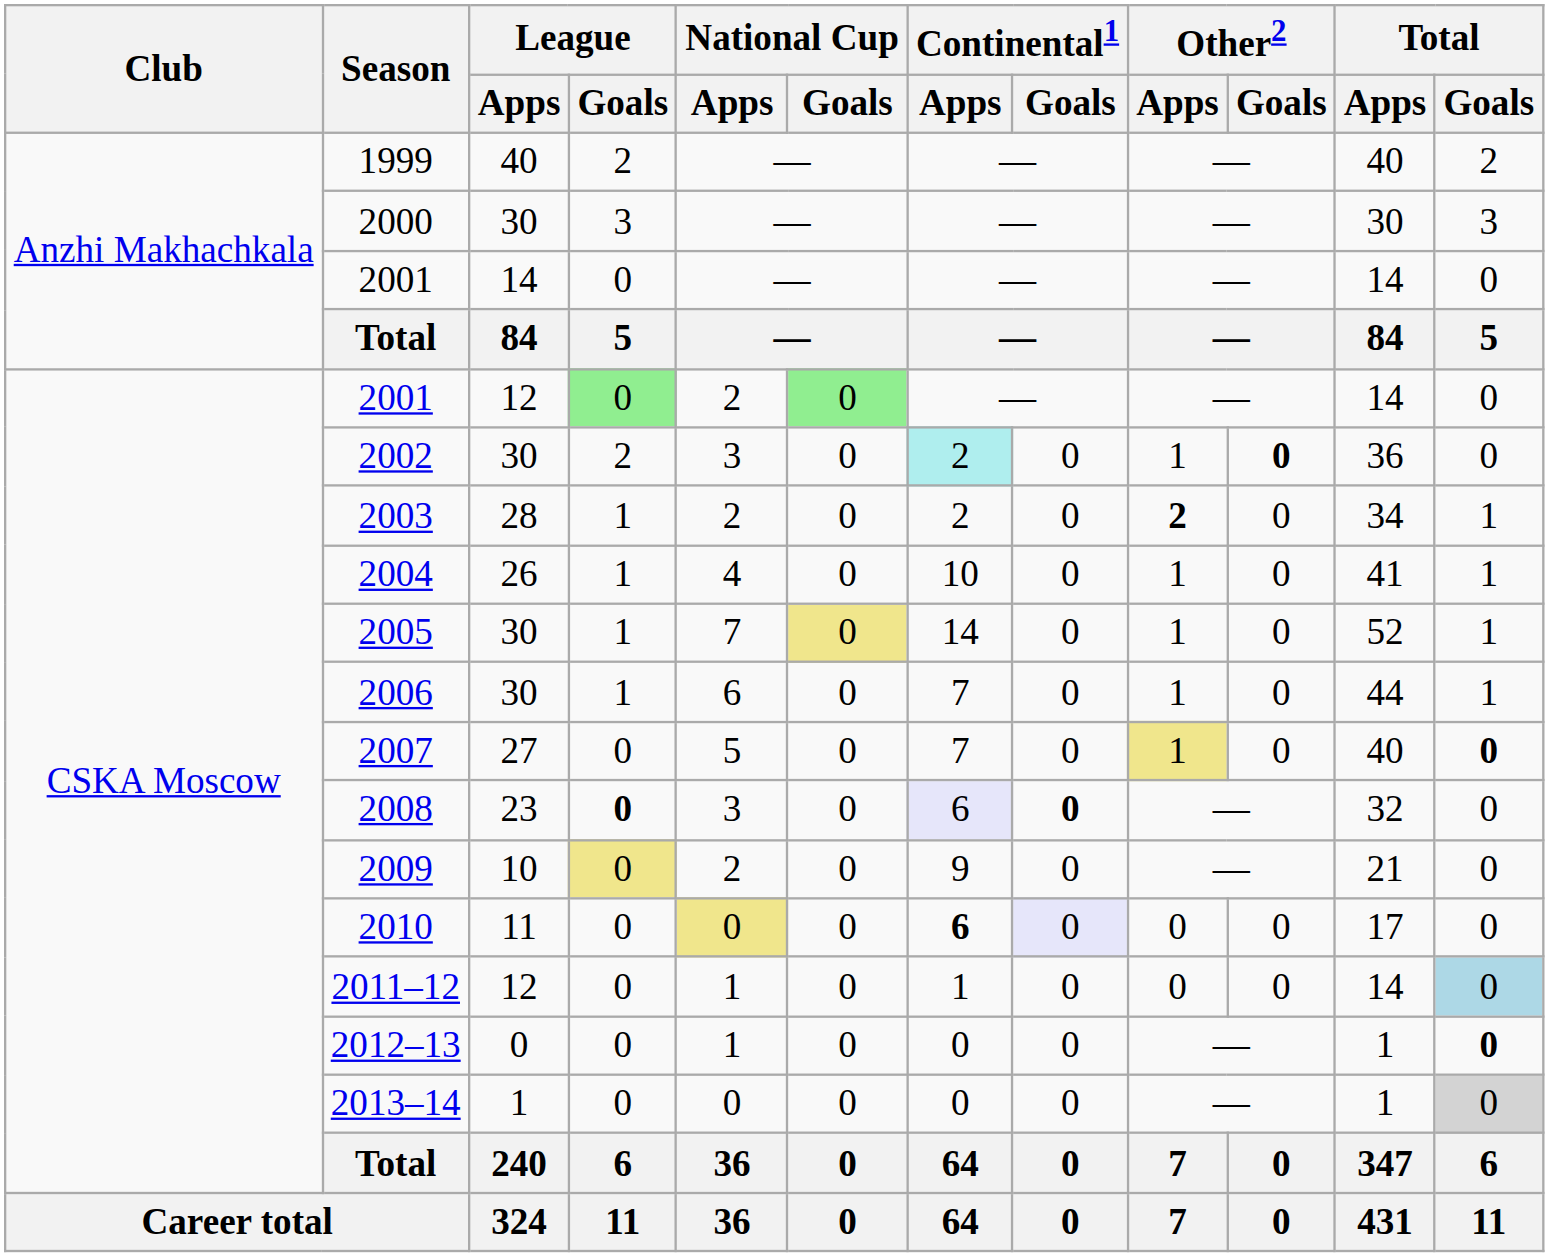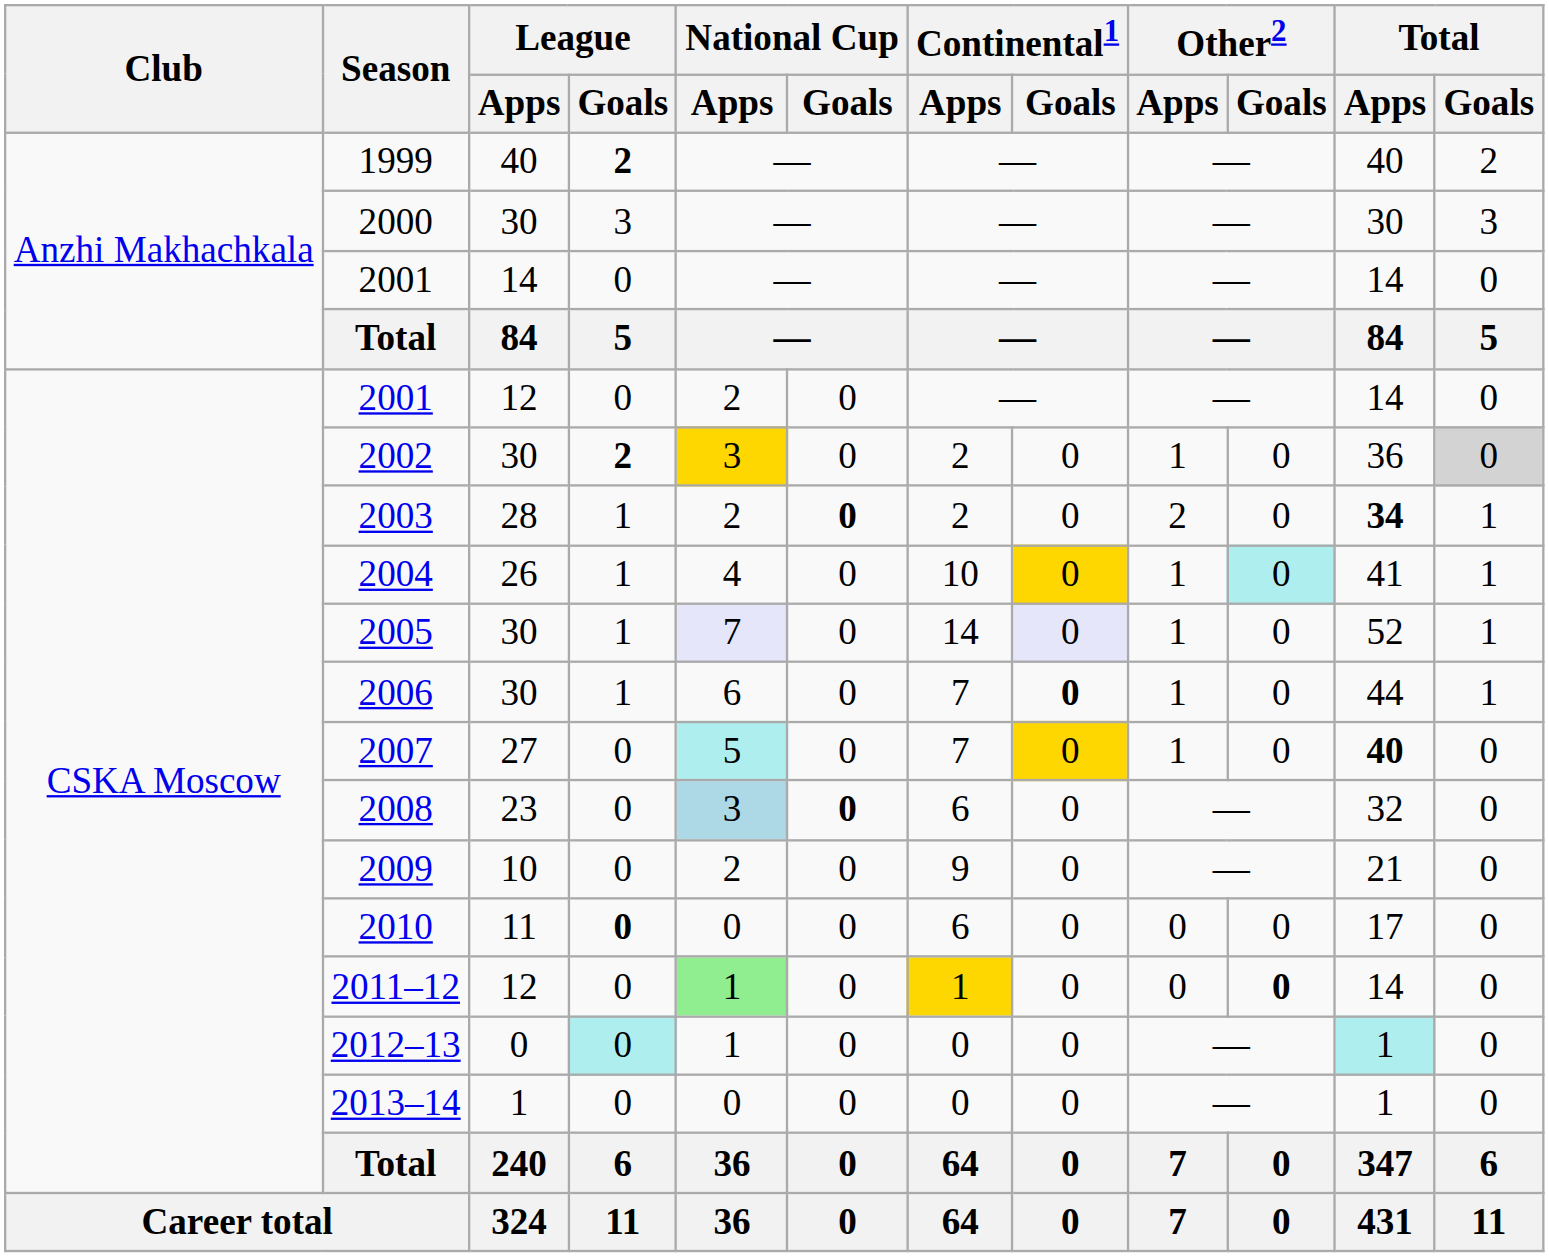 <table class="wikitable" style="text-align:center">
 <tr>
 <th rowspan="2">Club</th>
 <th rowspan="2">Season</th>
 <th colspan="2">League</th>
 <th colspan="2">National Cup</th>
 <th colspan="2">Continental<sup><a href='#'>1</a></sup></th>
 <th colspan="2">Other<sup><a href='#'>2</a></sup></th>
 <th colspan="2">Total</th>
 </tr>
 <tr>
 <th>Apps</th>
 <th>Goals</th>
 <th>Apps</th>
 <th>Goals</th>
 <th>Apps</th>
 <th>Goals</th>
 <th>Apps</th>
 <th>Goals</th>
 <th>Apps</th>
 <th>Goals</th>
 </tr>
 <tr>
 <td rowspan="4"><a href='#'>Anzhi Makhachkala</a></td>
 <td>1999</td>
 <td>40</td>
-<td>2</td>
+<td><strong>2</strong></td>
 <td colspan="2">—</td>
 <td colspan="2">—</td>
 <td colspan="2">—</td>
 <td>40</td>
 <td>2</td>
 </tr>
 <tr>
 <td>2000</td>
 <td>30</td>
 <td>3</td>
 <td colspan="2">—</td>
 <td colspan="2">—</td>
 <td colspan="2">—</td>
 <td>30</td>
 <td>3</td>
 </tr>
 <tr>
 <td>2001</td>
 <td>14</td>
 <td>0</td>
 <td colspan="2">—</td>
 <td colspan="2">—</td>
 <td colspan="2">—</td>
 <td>14</td>
 <td>0</td>
 </tr>
 <tr>
 <th colspan="1">Total</th>
 <th>84</th>
 <th>5</th>
 <th colspan="2">—</th>
 <th colspan="2">—</th>
 <th colspan="2">—</th>
 <th>84</th>
 <th>5</th>
 </tr>
 <tr>
 <td rowspan="14"><a href='#'>CSKA Moscow</a></td>
 <td><a href='#'>2001</a></td>
 <td>12</td>
-<td style="background: lightgreen;">0</td>
+<td>0</td>
 <td>2</td>
-<td style="background: lightgreen;">0</td>
+<td>0</td>
 <td colspan="2">—</td>
 <td colspan="2">—</td>
 <td>14</td>
 <td>0</td>
 </tr>
 <tr>
 <td><a href='#'>2002</a></td>
 <td>30</td>
+<td><strong>2</strong></td>
+<td style="background: gold;">3</td>
+<td>0</td>
 <td>2</td>
-<td>3</td>
-<td>0</td>
-<td style="background: paleturquoise;">2</td>
 <td>0</td>
 <td>1</td>
-<td><strong>0</strong></td>
+<td>0</td>
 <td>36</td>
-<td>0</td>
+<td style="background: lightgrey;">0</td>
 </tr>
 <tr>
 <td><a href='#'>2003</a></td>
 <td>28</td>
 <td>1</td>
 <td>2</td>
+<td><strong>0</strong></td>
+<td>2</td>
 <td>0</td>
 <td>2</td>
 <td>0</td>
-<td><strong>2</strong></td>
-<td>0</td>
-<td>34</td>
+<td><strong>34</strong></td>
 <td>1</td>
 </tr>
 <tr>
 <td><a href='#'>2004</a></td>
 <td>26</td>
 <td>1</td>
 <td>4</td>
 <td>0</td>
 <td>10</td>
-<td>0</td>
+<td style="background: gold;">0</td>
 <td>1</td>
-<td>0</td>
+<td style="background: paleturquoise;">0</td>
 <td>41</td>
 <td>1</td>
 </tr>
 <tr>
 <td><a href='#'>2005</a></td>
 <td>30</td>
 <td>1</td>
-<td>7</td>
-<td style="background: khaki;">0</td>
+<td style="background: lavender;">7</td>
+<td>0</td>
 <td>14</td>
-<td>0</td>
+<td style="background: lavender;">0</td>
 <td>1</td>
 <td>0</td>
 <td>52</td>
 <td>1</td>
 </tr>
 <tr>
 <td><a href='#'>2006</a></td>
 <td>30</td>
 <td>1</td>
 <td>6</td>
 <td>0</td>
 <td>7</td>
-<td>0</td>
+<td><strong>0</strong></td>
 <td>1</td>
 <td>0</td>
 <td>44</td>
 <td>1</td>
 </tr>
 <tr>
 <td><a href='#'>2007</a></td>
 <td>27</td>
 <td>0</td>
-<td>5</td>
+<td style="background: paleturquoise;">5</td>
 <td>0</td>
 <td>7</td>
+<td style="background: gold;">0</td>
+<td>1</td>
 <td>0</td>
-<td style="background: khaki;">1</td>
+<td><strong>40</strong></td>
 <td>0</td>
-<td>40</td>
-<td><strong>0</strong></td>
 </tr>
 <tr>
 <td><a href='#'>2008</a></td>
 <td>23</td>
+<td>0</td>
+<td style="background: lightblue;">3</td>
 <td><strong>0</strong></td>
-<td>3</td>
+<td>6</td>
 <td>0</td>
-<td style="background: lavender;">6</td>
-<td><strong>0</strong></td>
 <td colspan="2">—</td>
 <td>32</td>
 <td>0</td>
 </tr>
 <tr>
 <td><a href='#'>2009</a></td>
 <td>10</td>
-<td style="background: khaki;">0</td>
+<td>0</td>
 <td>2</td>
 <td>0</td>
 <td>9</td>
 <td>0</td>
 <td colspan="2">—</td>
 <td>21</td>
 <td>0</td>
 </tr>
 <tr>
 <td><a href='#'>2010</a></td>
 <td>11</td>
+<td><strong>0</strong></td>
 <td>0</td>
-<td style="background: khaki;">0</td>
 <td>0</td>
-<td><strong>6</strong></td>
-<td style="background: lavender;">0</td>
+<td>6</td>
+<td>0</td>
 <td>0</td>
 <td>0</td>
 <td>17</td>
 <td>0</td>
 </tr>
 <tr>
 <td><a href='#'>2011–12</a></td>
 <td>12</td>
 <td>0</td>
-<td>1</td>
+<td style="background: lightgreen;">1</td>
 <td>0</td>
-<td>1</td>
+<td style="background: gold;">1</td>
 <td>0</td>
 <td>0</td>
+<td><strong>0</strong></td>
+<td>14</td>
 <td>0</td>
-<td>14</td>
-<td style="background: lightblue;">0</td>
 </tr>
 <tr>
 <td><a href='#'>2012–13</a></td>
 <td>0</td>
-<td>0</td>
+<td style="background: paleturquoise;">0</td>
 <td>1</td>
 <td>0</td>
 <td>0</td>
 <td>0</td>
 <td colspan="2">—</td>
-<td>1</td>
-<td><strong>0</strong></td>
+<td style="background: paleturquoise;">1</td>
+<td>0</td>
 </tr>
 <tr>
 <td><a href='#'>2013–14</a></td>
 <td>1</td>
 <td>0</td>
 <td>0</td>
 <td>0</td>
 <td>0</td>
 <td>0</td>
 <td colspan="2">—</td>
 <td>1</td>
-<td style="background: lightgrey;">0</td>
+<td>0</td>
 </tr>
 <tr>
 <th colspan="1">Total</th>
 <th>240</th>
 <th>6</th>
 <th>36</th>
 <th>0</th>
 <th>64</th>
 <th>0</th>
 <th>7</th>
 <th>0</th>
 <th>347</th>
 <th>6</th>
 </tr>
 <tr>
 <th colspan="2">Career total</th>
 <th>324</th>
 <th>11</th>
 <th>36</th>
 <th>0</th>
 <th>64</th>
 <th>0</th>
 <th>7</th>
 <th>0</th>
 <th>431</th>
 <th>11</th>
 </tr>
 </table>
